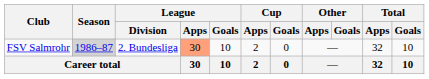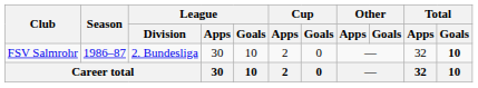 <table class="wikitable" style="text-align:center">
 <tr>
 <th rowspan="2">Club</th>
 <th rowspan="2">Season</th>
 <th colspan="3">League</th>
 <th colspan="2">Cup</th>
 <th colspan="2">Other</th>
 <th colspan="2">Total</th>
 </tr>
 <tr>
 <th>Division</th>
 <th>Apps</th>
 <th>Goals</th>
 <th>Apps</th>
 <th>Goals</th>
 <th>Apps</th>
 <th>Goals</th>
 <th>Apps</th>
 <th>Goals</th>
 </tr>
 <tr>
 <td><a href='#'>FSV Salmrohr</a></td>
-<td style="background: lightgrey;"><a href='#'>1986–87</a></td>
+<td><a href='#'>1986–87</a></td>
 <td><a href='#'>2. Bundesliga</a></td>
-<td style="background: lightsalmon;">30</td>
+<td>30</td>
 <td>10</td>
 <td>2</td>
 <td>0</td>
 <td colspan=2>—</td>
 <td>32</td>
-<td>10</td>
+<td><strong>10</strong></td>
 </tr>
 <tr>
 <th colspan="3">Career total</th>
 <th>30</th>
 <th>10</th>
 <th>2</th>
 <th>0</th>
 <th colspan=2>—</th>
 <th>32</th>
 <th>10</th>
 </tr>
 </table>
